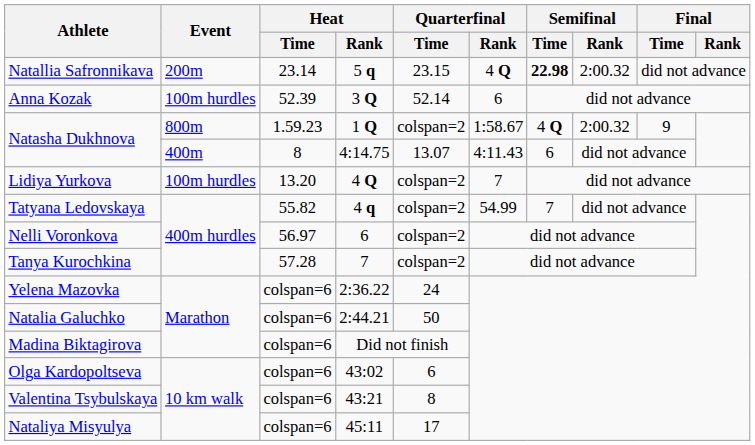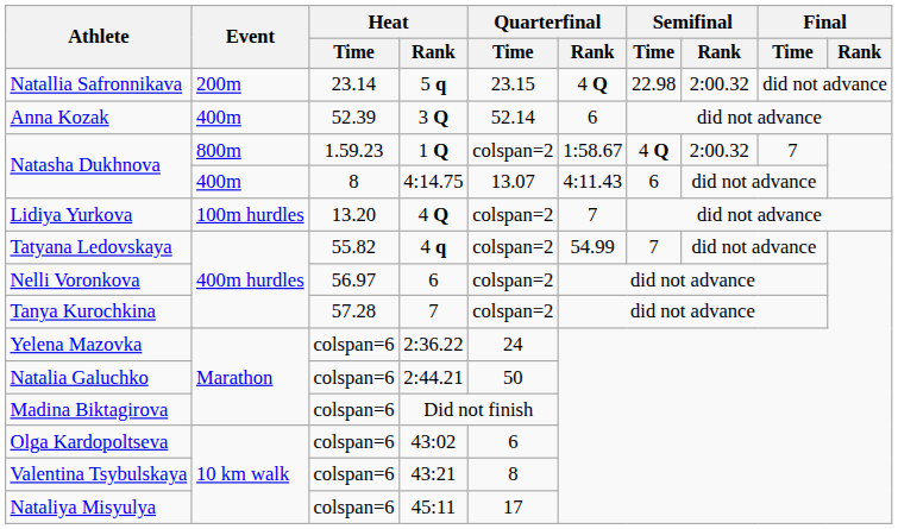 <table class=wikitable style=font-size:90%;text-align:center>
 <tr>
 <th rowspan=2>Athlete</th>
 <th rowspan=2>Event</th>
 <th colspan=2>Heat</th>
 <th colspan=2>Quarterfinal</th>
 <th colspan=2>Semifinal</th>
 <th colspan=2>Final</th>
 </tr>
 <tr style=font-size:95%>
 <th>Time</th>
 <th>Rank</th>
 <th>Time</th>
 <th>Rank</th>
 <th>Time</th>
 <th>Rank</th>
 <th>Time</th>
 <th>Rank</th>
 </tr>
 <tr>
 <td align=left><a href='#'>Natallia Safronnikava</a></td>
 <td align=left><a href='#'>200m</a></td>
 <td>23.14</td>
 <td>5 <strong>q</strong></td>
 <td>23.15</td>
 <td>4 <strong>Q</strong></td>
-<td><strong>22.98</strong></td>
+<td>22.98</td>
 <td>2:00.32</td>
 <td colspan=2>did not advance</td>
 </tr>
 <tr>
 <td align=left><a href='#'>Anna Kozak</a></td>
-<td align=left><a href='#'>100m hurdles</a></td>
+<td align=left><a href='#'>400m</a></td>
 <td>52.39</td>
 <td>3 <strong>Q</strong></td>
 <td>52.14</td>
 <td>6</td>
 <td colspan=4>did not advance</td>
 </tr>
 <tr>
 <td align=left rowspan=2><a href='#'>Natasha Dukhnova</a></td>
 <td align=left><a href='#'>800m</a></td>
 <td>1.59.23</td>
 <td>1 <strong>Q</strong></td>
 <td>colspan=2 </td>
 <td>1:58.67</td>
 <td>4 <strong>Q</strong></td>
 <td>2:00.32</td>
-<td>9</td>
+<td>7</td>
 </tr>
 <tr>
 <td align=left><a href='#'>400m</a></td>
 <td>8</td>
 <td>4:14.75</td>
 <td>13.07</td>
 <td>4:11.43</td>
 <td>6</td>
 <td colspan=2>did not advance</td>
 </tr>
 <tr>
 <td align=left><a href='#'>Lidiya Yurkova</a></td>
 <td align=left><a href='#'>100m hurdles</a></td>
 <td>13.20</td>
 <td>4 <strong>Q</strong></td>
 <td>colspan=2 </td>
 <td>7</td>
 <td colspan=4>did not advance</td>
 </tr>
 <tr>
 <td align=left><a href='#'>Tatyana Ledovskaya</a></td>
 <td align=left rowspan=3><a href='#'>400m hurdles</a></td>
 <td>55.82</td>
 <td>4 <strong>q</strong></td>
 <td>colspan=2 </td>
 <td>54.99</td>
 <td>7</td>
 <td colspan=2>did not advance</td>
 </tr>
 <tr>
 <td align=left><a href='#'>Nelli Voronkova</a></td>
 <td>56.97</td>
 <td>6</td>
 <td>colspan=2 </td>
 <td colspan=4>did not advance</td>
 </tr>
 <tr>
 <td align=left><a href='#'>Tanya Kurochkina</a></td>
 <td>57.28</td>
 <td>7</td>
 <td>colspan=2 </td>
 <td colspan=4>did not advance</td>
 </tr>
 <tr>
 <td align=left><a href='#'>Yelena Mazovka</a></td>
 <td align=left rowspan=3><a href='#'>Marathon</a></td>
 <td>colspan=6 </td>
 <td>2:36.22</td>
 <td>24</td>
 </tr>
 <tr>
 <td align=left><a href='#'>Natalia Galuchko</a></td>
 <td>colspan=6 </td>
 <td>2:44.21</td>
 <td>50</td>
 </tr>
 <tr>
 <td align=left><a href='#'>Madina Biktagirova</a></td>
 <td>colspan=6 </td>
 <td colspan=2>Did not finish</td>
 </tr>
 <tr>
 <td align=left><a href='#'>Olga Kardopoltseva</a></td>
 <td align=left rowspan=3><a href='#'>10 km walk</a></td>
 <td>colspan=6 </td>
 <td>43:02</td>
 <td>6</td>
 </tr>
 <tr>
 <td align=left><a href='#'>Valentina Tsybulskaya</a></td>
 <td>colspan=6 </td>
 <td>43:21</td>
 <td>8</td>
 </tr>
 <tr>
 <td align=left><a href='#'>Nataliya Misyulya</a></td>
 <td>colspan=6 </td>
 <td>45:11</td>
 <td>17</td>
 </tr>
 </table>
